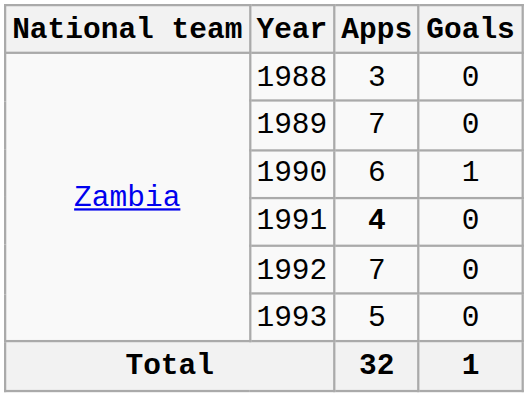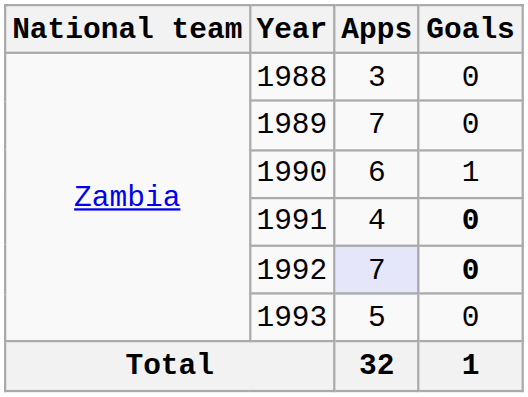 <table class="wikitable" style="text-align: center;">
 <tr>
 <th>National team</th>
 <th>Year</th>
 <th>Apps</th>
 <th>Goals</th>
 </tr>
 <tr>
 <td rowspan="6"><a href='#'>Zambia</a></td>
 <td>1988</td>
 <td>3</td>
 <td>0</td>
 </tr>
 <tr>
 <td>1989</td>
 <td>7</td>
 <td>0</td>
 </tr>
 <tr>
 <td>1990</td>
 <td>6</td>
 <td>1</td>
 </tr>
 <tr>
 <td>1991</td>
-<td><strong>4</strong></td>
-<td>0</td>
+<td>4</td>
+<td><strong>0</strong></td>
 </tr>
 <tr>
 <td>1992</td>
-<td>7</td>
-<td>0</td>
+<td style="background: lavender;">7</td>
+<td><strong>0</strong></td>
 </tr>
 <tr>
 <td>1993</td>
 <td>5</td>
 <td>0</td>
 </tr>
 <tr>
 <th colspan="2">Total</th>
 <th>32</th>
 <th>1</th>
 </tr>
 </table>
